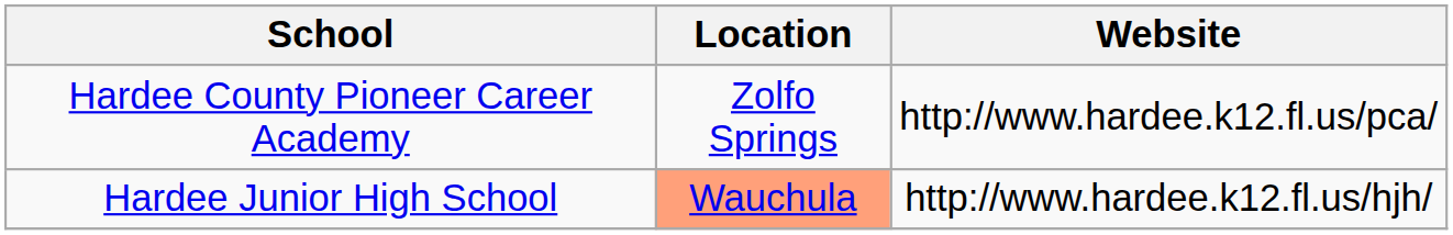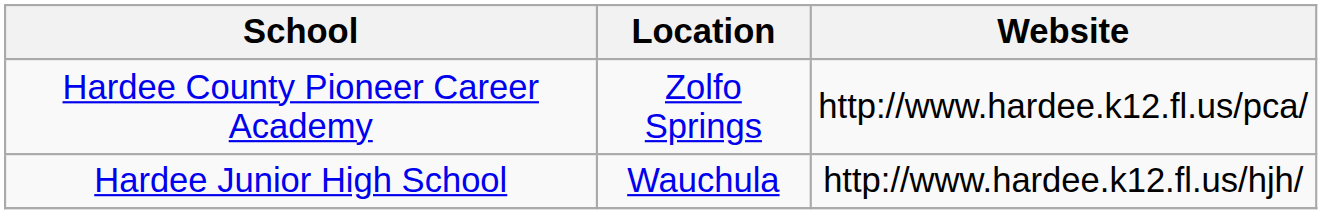 <table class="wikitable" style="text-align:center">
 <tr>
 <th>School</th>
 <th>Location</th>
 <th>Website</th>
 </tr>
 <tr>
 <td><a href='#'>Hardee County Pioneer Career Academy</a></td>
 <td><a href='#'>Zolfo Springs</a></td>
 <td>http://www.hardee.k12.fl.us/pca/</td>
 </tr>
 <tr>
 <td><a href='#'>Hardee Junior High School</a></td>
-<td style="background: lightsalmon;"><a href='#'>Wauchula</a></td>
+<td><a href='#'>Wauchula</a></td>
 <td>http://www.hardee.k12.fl.us/hjh/</td>
 </tr>
 <tr>
 </tr>
 </table>
